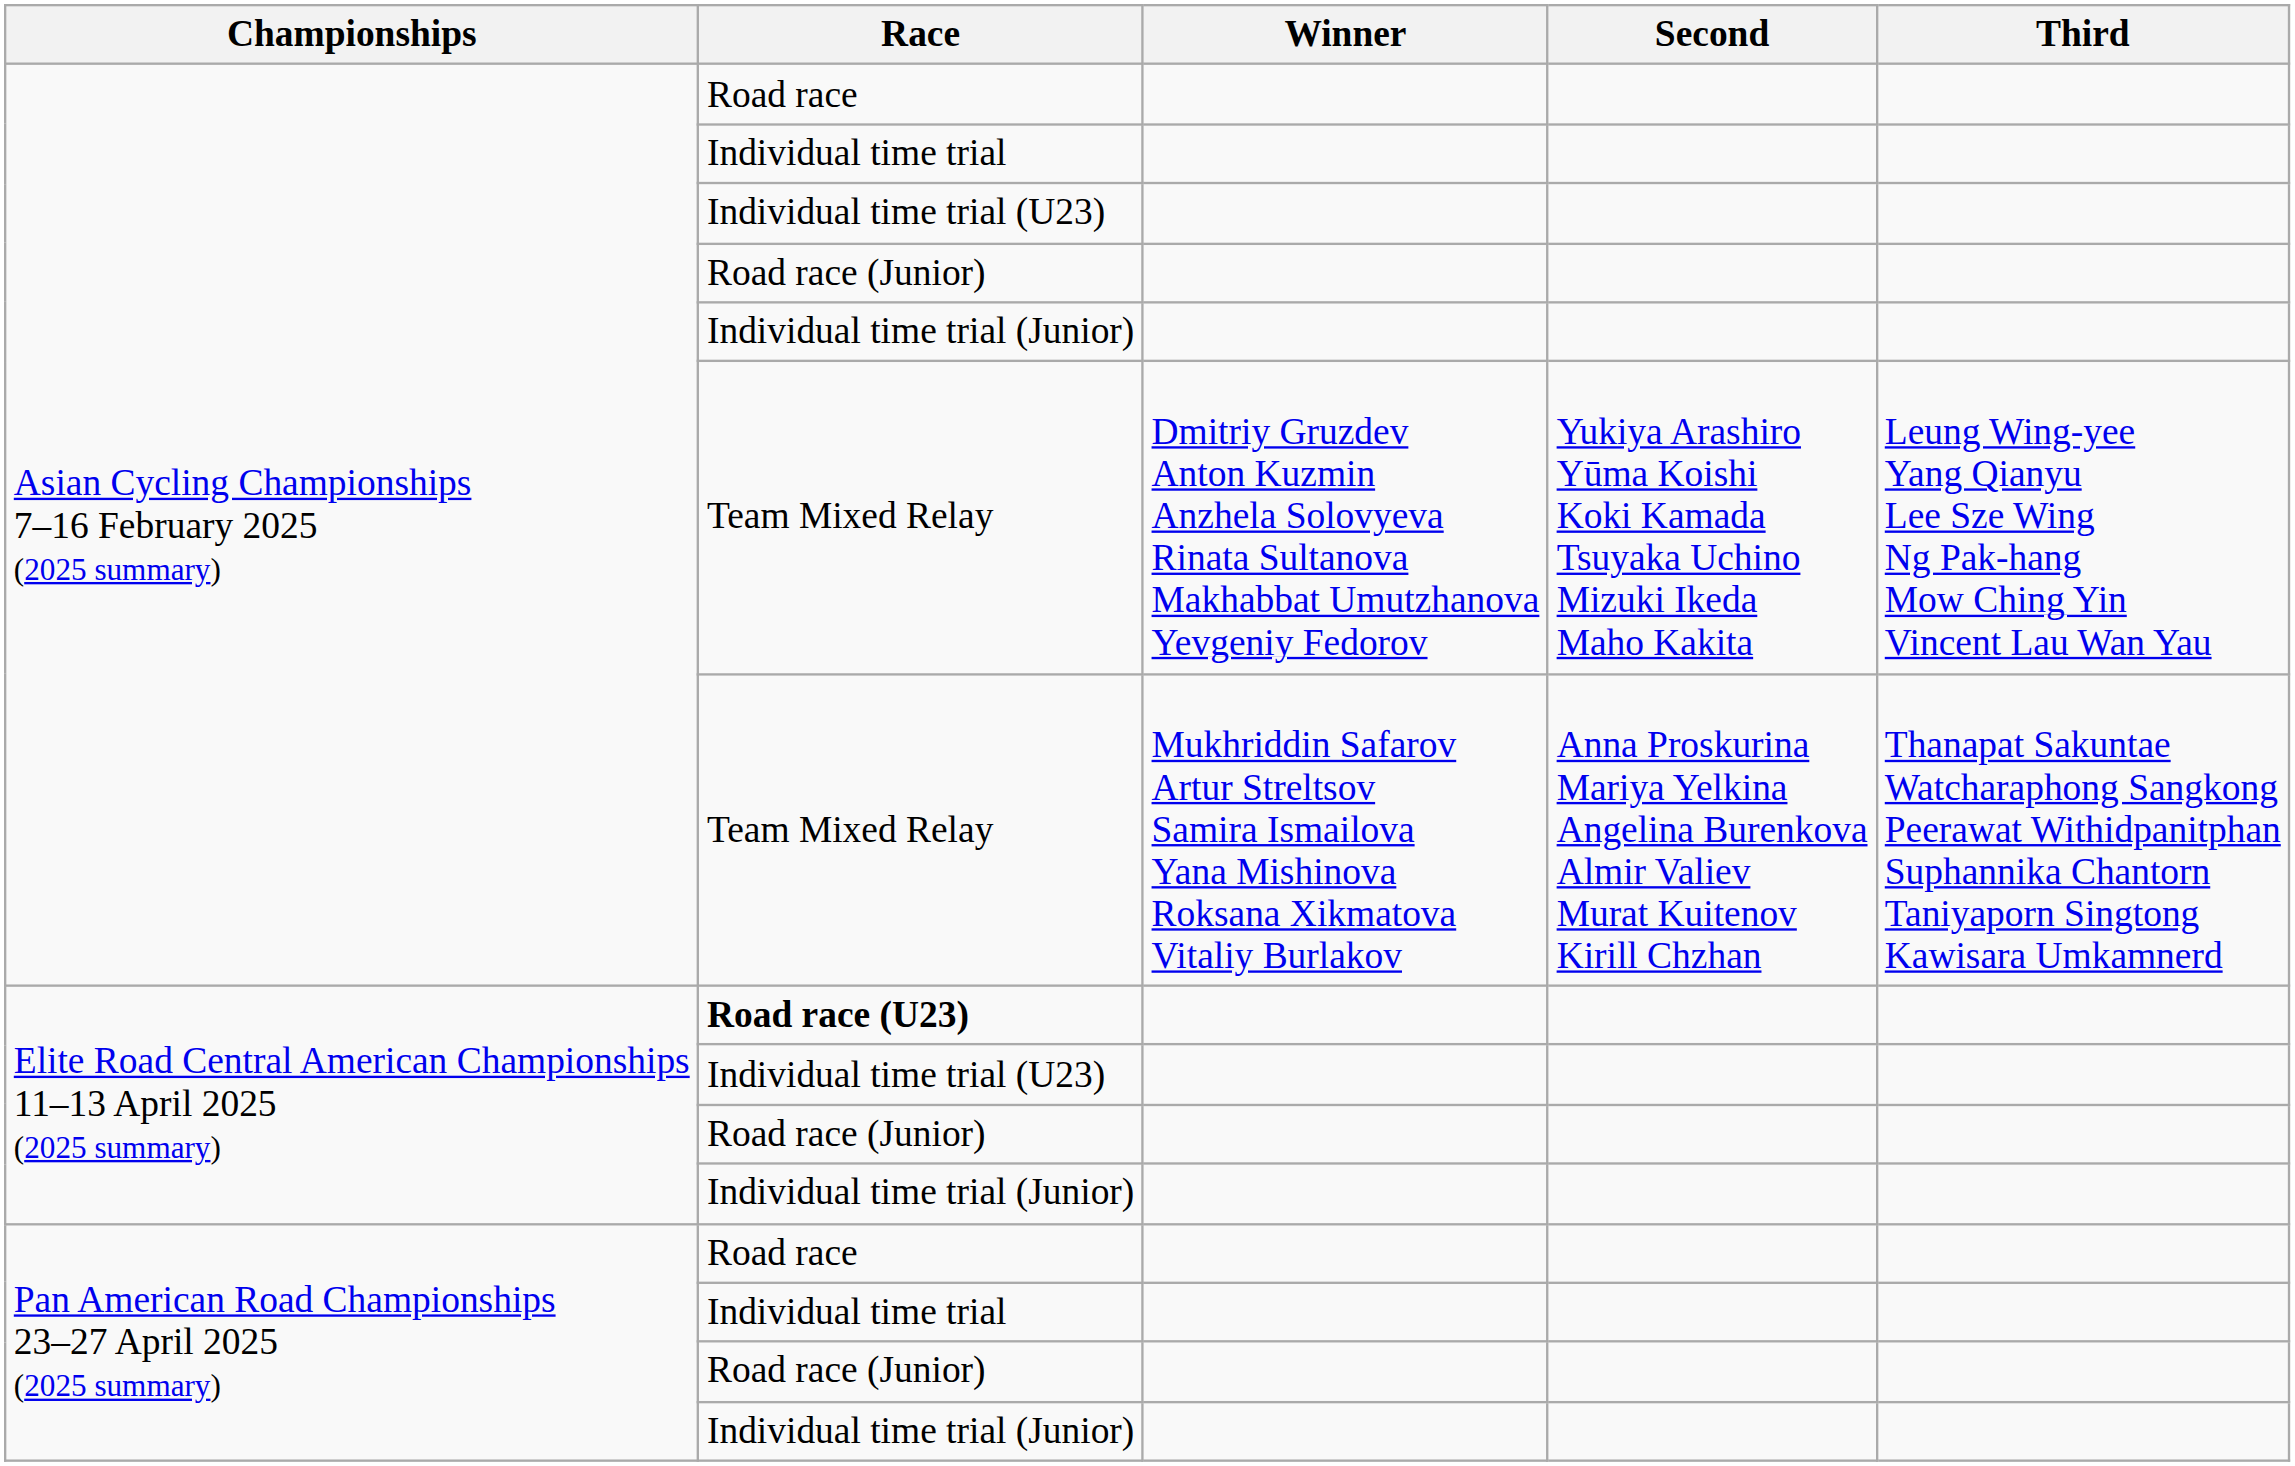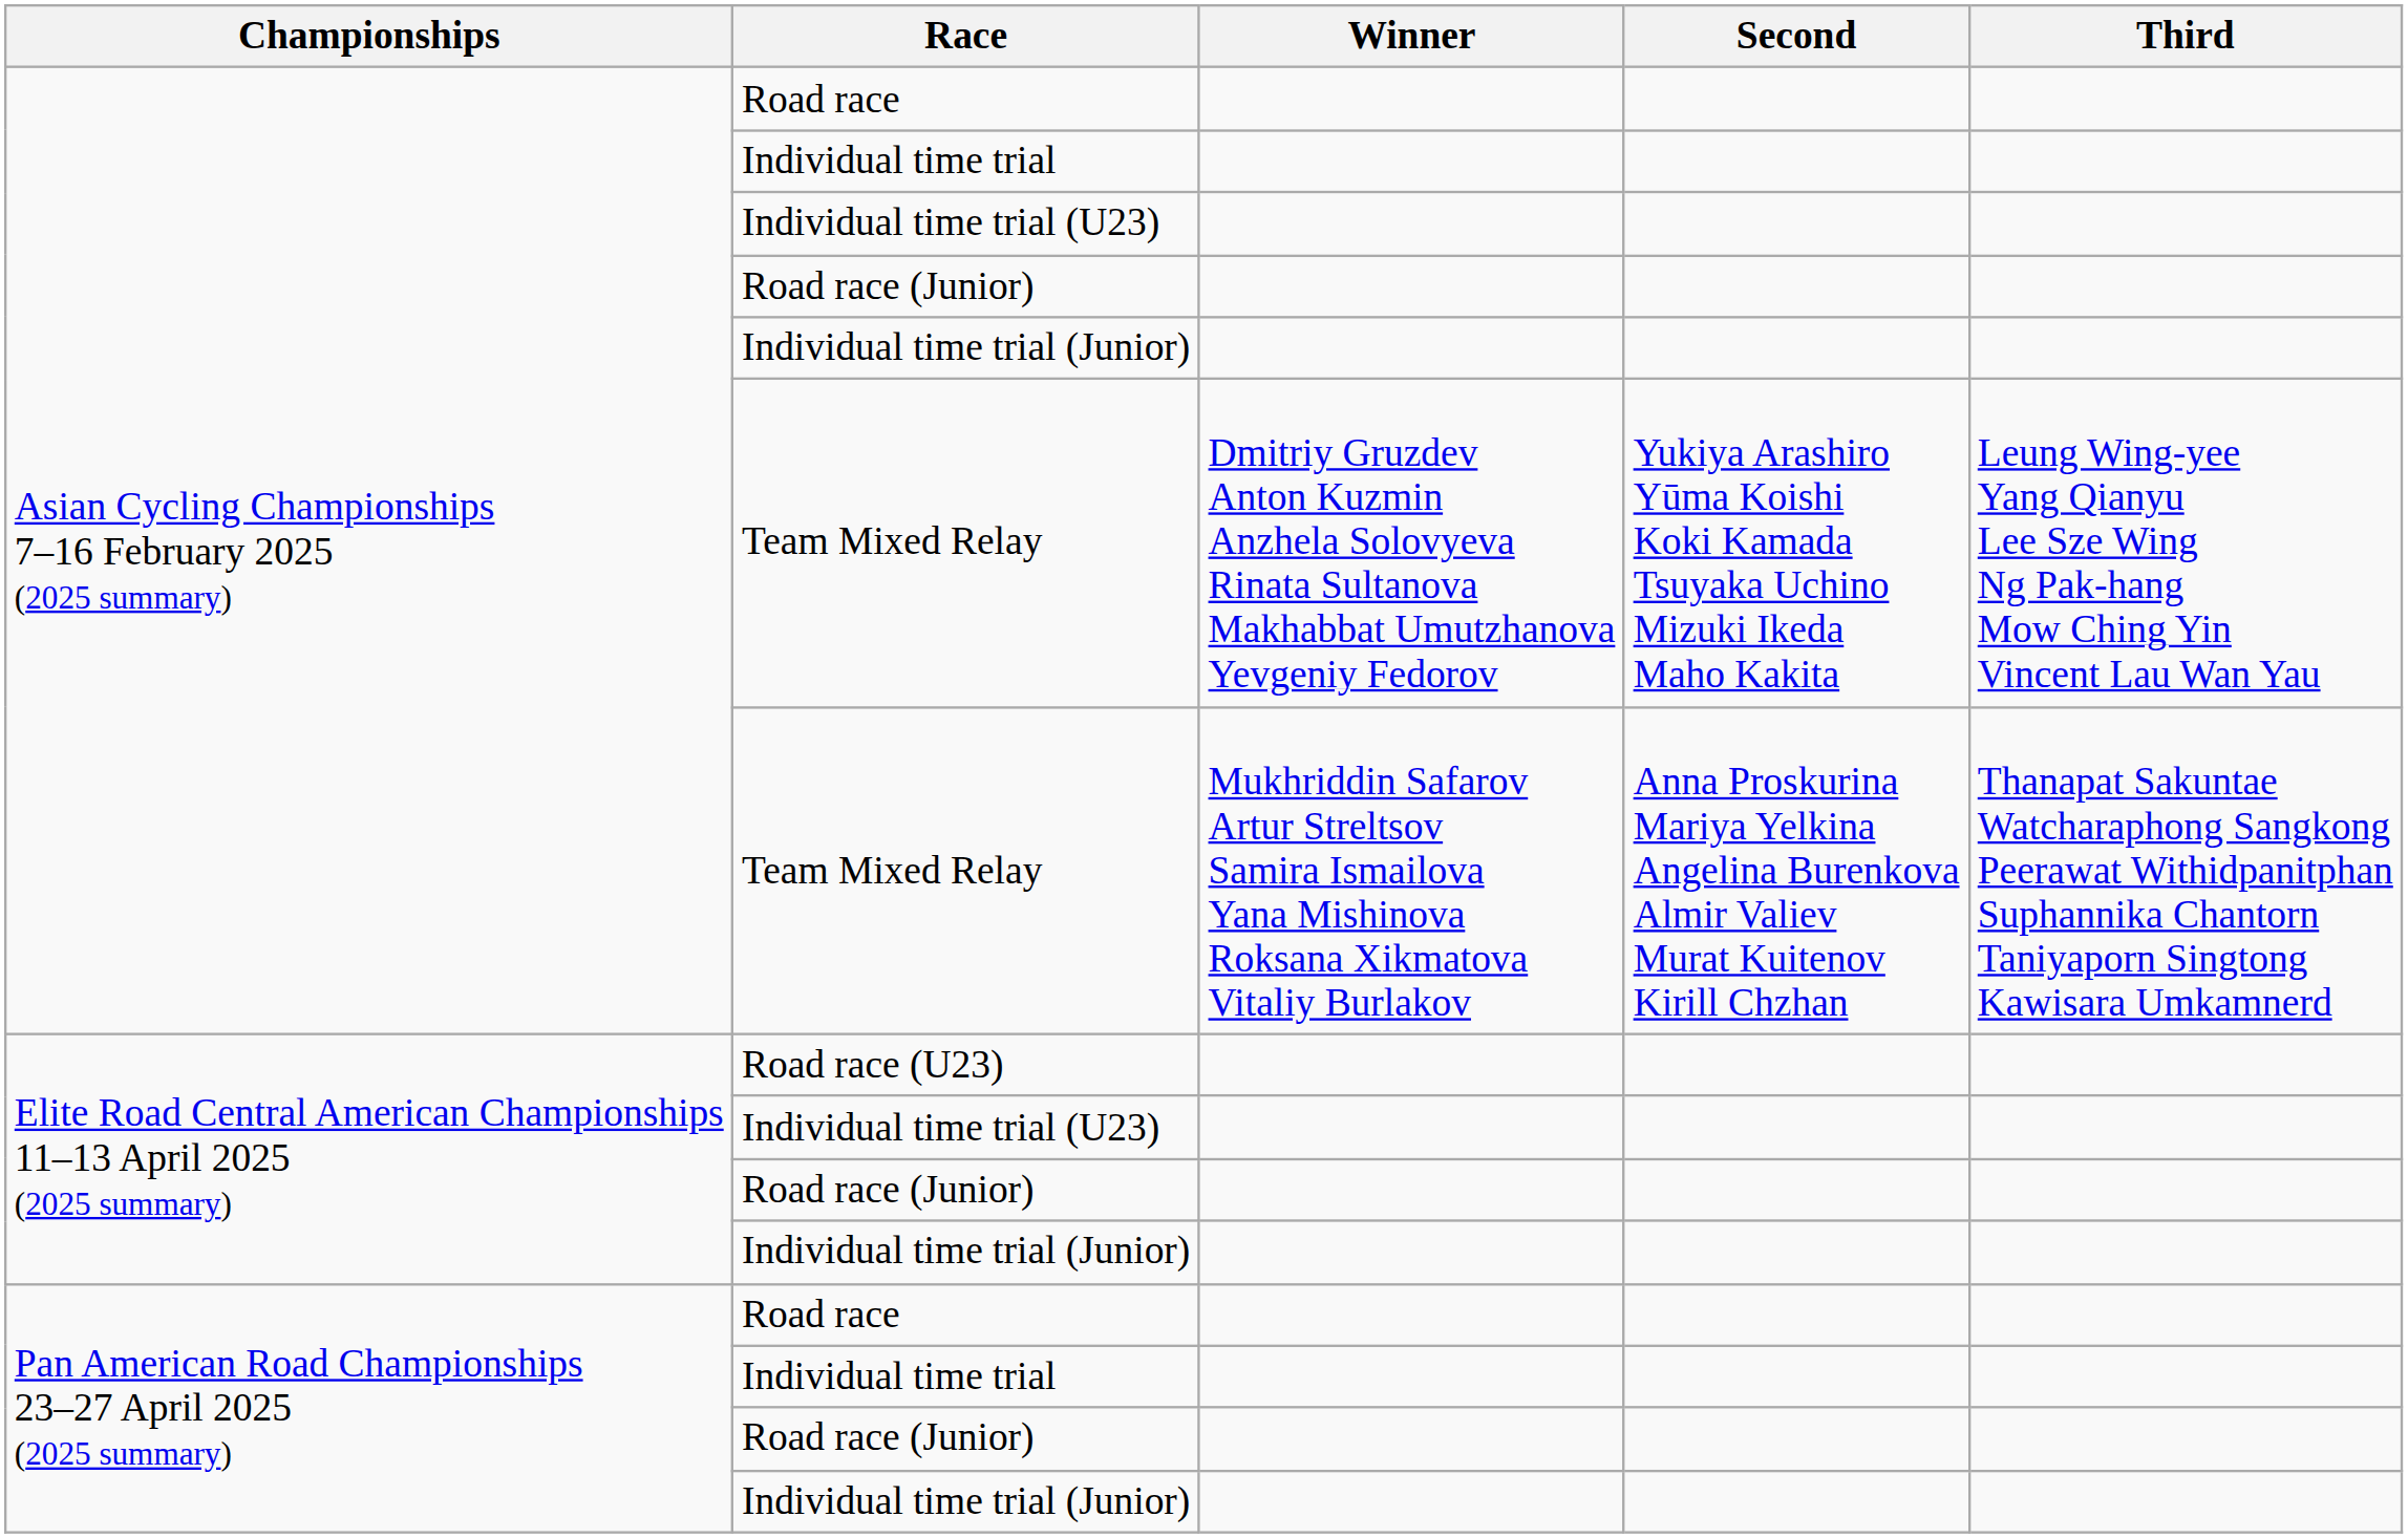 <table class="wikitable sortable">
 <tr>
 <th>Championships</th>
 <th>Race</th>
 <th>Winner</th>
 <th>Second</th>
 <th>Third</th>
 </tr>
 <tr>
 <td rowspan=7><a href='#'>Asian Cycling Championships</a><br> 7–16 February 2025<br><small>(<a href='#'>2025 summary</a>)</small></td>
 <td>Road race</td>
 <td></td>
 <td></td>
 <td></td>
 </tr>
 <tr>
 <td>Individual time trial </td>
 <td></td>
 <td></td>
 <td></td>
 </tr>
 <tr>
 <td>Individual time trial (U23) </td>
 <td></td>
 <td></td>
 <td></td>
 </tr>
 <tr>
 <td>Road race (Junior)</td>
 <td></td>
 <td></td>
 <td></td>
 </tr>
 <tr>
 <td>Individual time trial (Junior) </td>
 <td></td>
 <td></td>
 <td></td>
 </tr>
 <tr>
 <td>Team Mixed Relay </td>
 <td><br><a href='#'>Dmitriy Gruzdev</a><br><a href='#'>Anton Kuzmin</a><br><a href='#'>Anzhela Solovyeva</a><br><a href='#'>Rinata Sultanova</a><br><a href='#'>Makhabbat Umutzhanova</a><br><a href='#'>Yevgeniy Fedorov</a></td>
 <td><br><a href='#'>Yukiya Arashiro</a><br><a href='#'>Yūma Koishi</a><br><a href='#'>Koki Kamada</a><br><a href='#'>Tsuyaka Uchino</a><br><a href='#'>Mizuki Ikeda</a><br><a href='#'>Maho Kakita</a></td>
 <td><br><a href='#'>Leung Wing-yee</a><br><a href='#'>Yang Qianyu</a><br><a href='#'>Lee Sze Wing</a><br><a href='#'>Ng Pak-hang</a><br><a href='#'>Mow Ching Yin</a><br><a href='#'>Vincent Lau Wan Yau</a></td>
 </tr>
 <tr>
 <td>Team Mixed Relay </td>
 <td><br><a href='#'>Mukhriddin Safarov</a><br><a href='#'>Artur Streltsov</a><br><a href='#'>Samira Ismailova</a><br><a href='#'>Yana Mishinova</a><br><a href='#'>Roksana Xikmatova</a><br><a href='#'>Vitaliy Burlakov</a></td>
 <td><br><a href='#'>Anna Proskurina</a><br><a href='#'>Mariya Yelkina</a><br><a href='#'>Angelina Burenkova</a><br><a href='#'>Almir Valiev</a><br><a href='#'>Murat Kuitenov</a><br><a href='#'>Kirill Chzhan</a></td>
 <td><br><a href='#'>Thanapat Sakuntae</a><br><a href='#'>Watcharaphong Sangkong</a><br><a href='#'>Peerawat Withidpanitphan</a><br><a href='#'>Suphannika Chantorn</a><br><a href='#'>Taniyaporn Singtong</a><br><a href='#'>Kawisara Umkamnerd</a></td>
 </tr>
 <tr>
 <td rowspan=4><a href='#'>Elite Road Central American Championships</a><br> 11–13 April 2025<br><small>(<a href='#'>2025 summary</a>)</small></td>
-<td><strong>Road race (U23)</strong></td>
+<td>Road race (U23)</td>
 <td></td>
 <td></td>
 <td></td>
 </tr>
 <tr>
 <td>Individual time trial (U23) </td>
 <td></td>
 <td></td>
 <td></td>
 </tr>
 <tr>
 <td>Road race (Junior)</td>
 <td></td>
 <td></td>
 <td></td>
 </tr>
 <tr>
 <td>Individual time trial (Junior) </td>
 <td></td>
 <td></td>
 <td></td>
 </tr>
 <tr>
 <td rowspan=7><a href='#'>Pan American Road Championships</a><br> 23–27 April 2025<br><small>(<a href='#'>2025 summary</a>)</small></td>
 <td>Road race</td>
 <td></td>
 <td></td>
 <td></td>
 </tr>
 <tr>
 <td>Individual time trial </td>
 <td></td>
 <td></td>
 <td></td>
 </tr>
 <tr>
 <td>Road race (Junior)</td>
 <td></td>
 <td></td>
 <td></td>
 </tr>
 <tr>
 <td>Individual time trial (Junior) </td>
 <td></td>
 <td></td>
 <td></td>
 </tr>
 </table>
